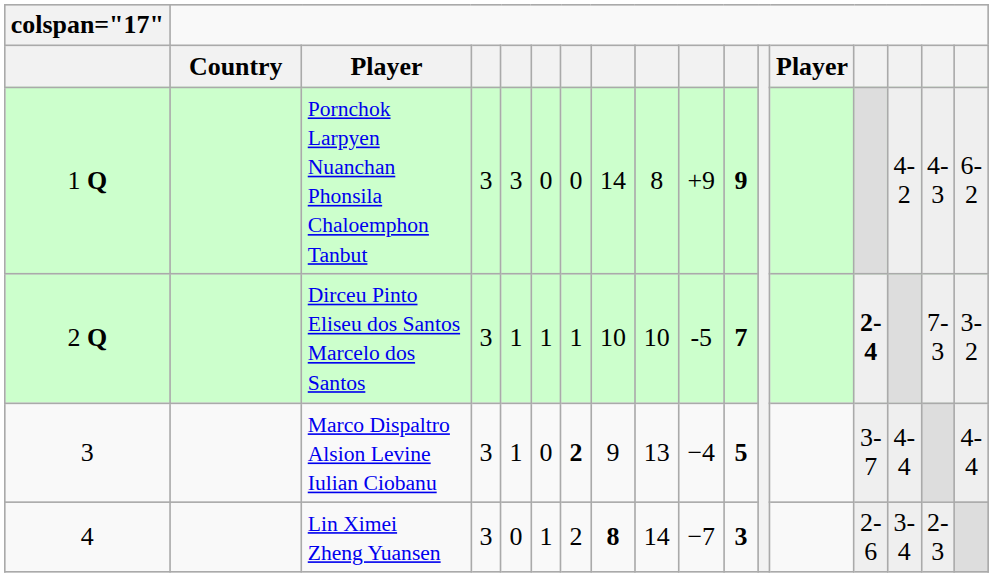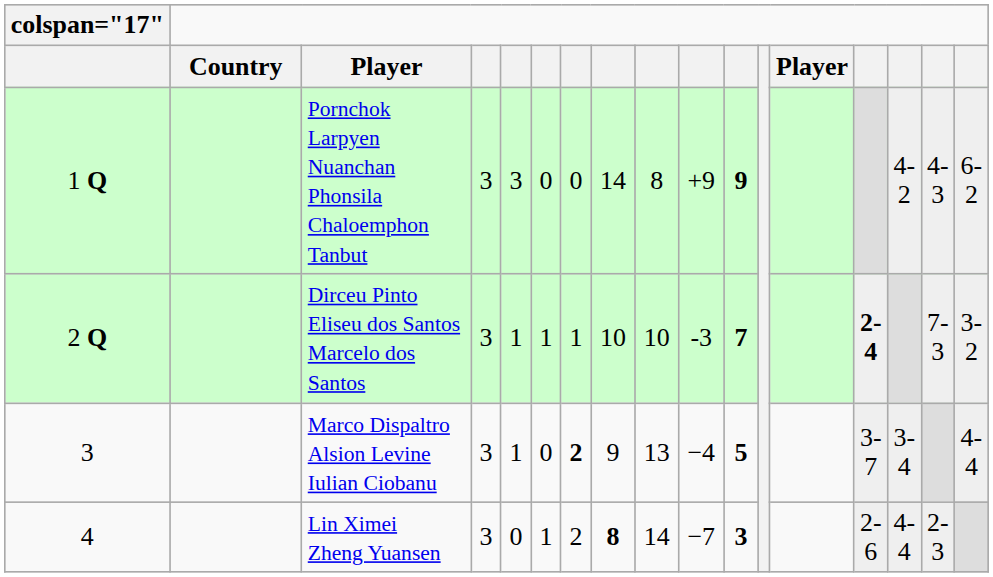 <table class=wikitable style=text-align:center>
 <tr>
 <th>colspan="17" </th>
 </tr>
 <tr>
 <th width=20 abbr=Position></th>
 <th width=120>Country</th>
 <th width=160>Player</th>
 <th width=20 abbr=Played></th>
 <th width=20 abbr=Won></th>
 <th width=20 abbr=Drawn></th>
 <th width=20 abbr=Lost></th>
 <th width=30 abbr=Points for></th>
 <th width=30 abbr=Points against></th>
 <th width=30 abbr=Points difference></th>
 <th width=30 abbr=Points></th>
 <th rowspan="5" abbr=H2H></th>
 <th>Player</th>
 <th></th>
 <th></th>
 <th></th>
 <th></th>
 </tr>
 <tr bgcolor=#CCFFCC>
 <td>1 <strong>Q</strong></td>
 <td align=left><strong></strong></td>
 <td align="left"><small><a href='#'>Pornchok Larpyen</a><br><a href='#'>Nuanchan Phonsila</a><br><a href='#'>Chaloemphon Tanbut</a></small></td>
 <td>3</td>
 <td>3</td>
 <td>0</td>
 <td>0</td>
 <td>14</td>
 <td>8</td>
 <td>+9</td>
 <td><strong>9</strong></td>
 <td></td>
 <td bgcolor="#dddddd"> </td>
 <td bgcolor="#efefef">4-2</td>
 <td bgcolor="#efefef">4-3</td>
 <td bgcolor="#efefef">6-2</td>
 </tr>
 <tr bgcolor=#CCFFCC>
 <td>2 <strong>Q</strong> </td>
 <td align=left><strong></strong></td>
 <td align="left"><small><a href='#'>Dirceu Pinto</a><br><a href='#'>Eliseu dos Santos</a><br><a href='#'>Marcelo dos Santos</a></small></td>
 <td>3</td>
 <td>1</td>
 <td>1</td>
 <td>1</td>
 <td>10</td>
 <td>10</td>
-<td>-5</td>
+<td>-3</td>
 <td><strong>7</strong></td>
 <td></td>
 <td bgcolor="#efefef"><strong>2-4</strong></td>
 <td bgcolor="#dddddd"> </td>
 <td bgcolor="#efefef">7-3</td>
 <td bgcolor="#efefef">3-2</td>
 </tr>
 <tr>
 <td>3 </td>
 <td align=left><strong></strong></td>
 <td align="left"><small><a href='#'>Marco Dispaltro</a><br><a href='#'>Alsion Levine</a><br><a href='#'>Iulian Ciobanu</a></small></td>
 <td>3</td>
 <td>1</td>
 <td>0</td>
 <td><strong>2</strong></td>
 <td>9</td>
 <td>13</td>
 <td>−4</td>
 <td><strong>5</strong></td>
 <td></td>
 <td bgcolor="#efefef">3-7</td>
-<td bgcolor="#efefef">4-4</td>
+<td bgcolor="#efefef">3-4</td>
 <td bgcolor="#dddddd"> </td>
 <td bgcolor="#efefef">4-4</td>
 </tr>
 <tr>
 <td>4 </td>
 <td align=left><strong></strong></td>
 <td align="left"><small><a href='#'>Lin Ximei</a><br><a href='#'>Zheng Yuansen</a></small></td>
 <td>3</td>
 <td>0</td>
 <td>1</td>
 <td>2</td>
 <td><strong>8</strong></td>
 <td>14</td>
 <td>−7</td>
 <td><strong>3</strong></td>
 <td></td>
 <td bgcolor="#efefef">2-6</td>
-<td bgcolor="#efefef">3-4</td>
+<td bgcolor="#efefef">4-4</td>
 <td bgcolor="#efefef">2-3</td>
 <td bgcolor="#dddddd"> </td>
 </tr>
 </table>
